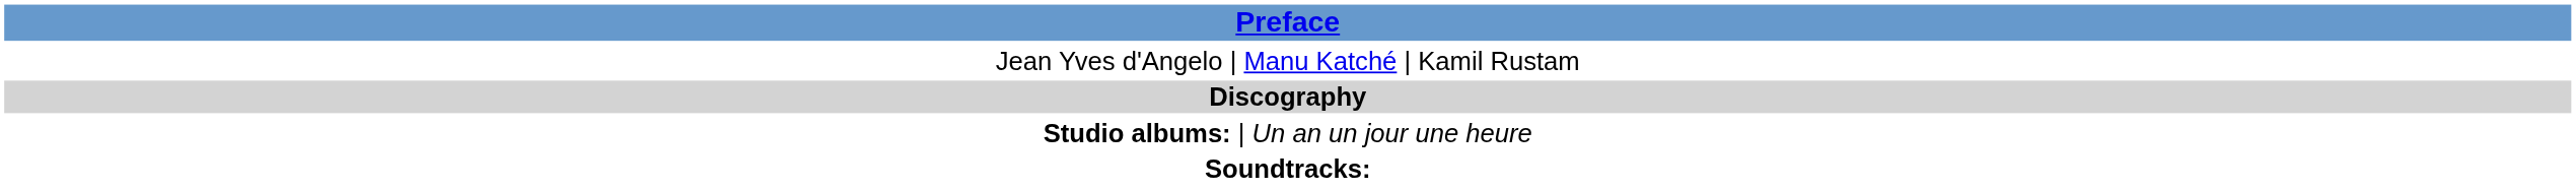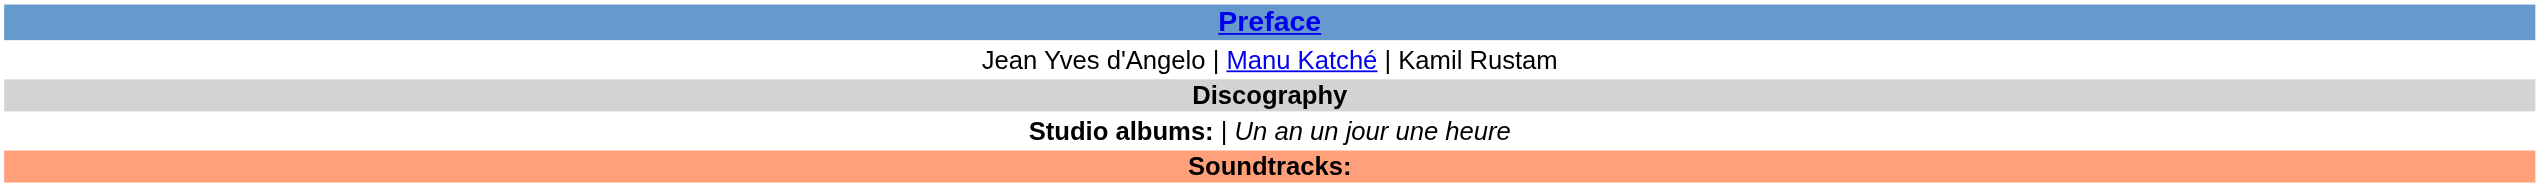 <table style="margin:0 auto; clear:both;text-align:center;width:90%;" align="center" class="toccolours">
 <tr>
 <td bgcolor=#6699CC><strong><a href='#'><span>Preface</span></a></strong></td>
 </tr>
 <tr>
 <td style="font-size:90%;">Jean Yves d'Angelo | <a href='#'>Manu Katché</a> | Kamil Rustam</td>
 </tr>
 <tr>
 <th style="font-size:90%;" bgcolor=lightgrey>Discography</th>
 </tr>
 <tr>
 <td style="font-size:90%;"><strong>Studio albums:</strong> <em></em> | <em>Un an un jour une heure</em></td>
 </tr>
 <tr>
-<td style="font-size:90%;"><strong>Soundtracks:</strong> <em></em></td>
+<td style="background: lightsalmon; font-size:90%;"><strong>Soundtracks:</strong> <em></em></td>
 </tr>
 </table>
